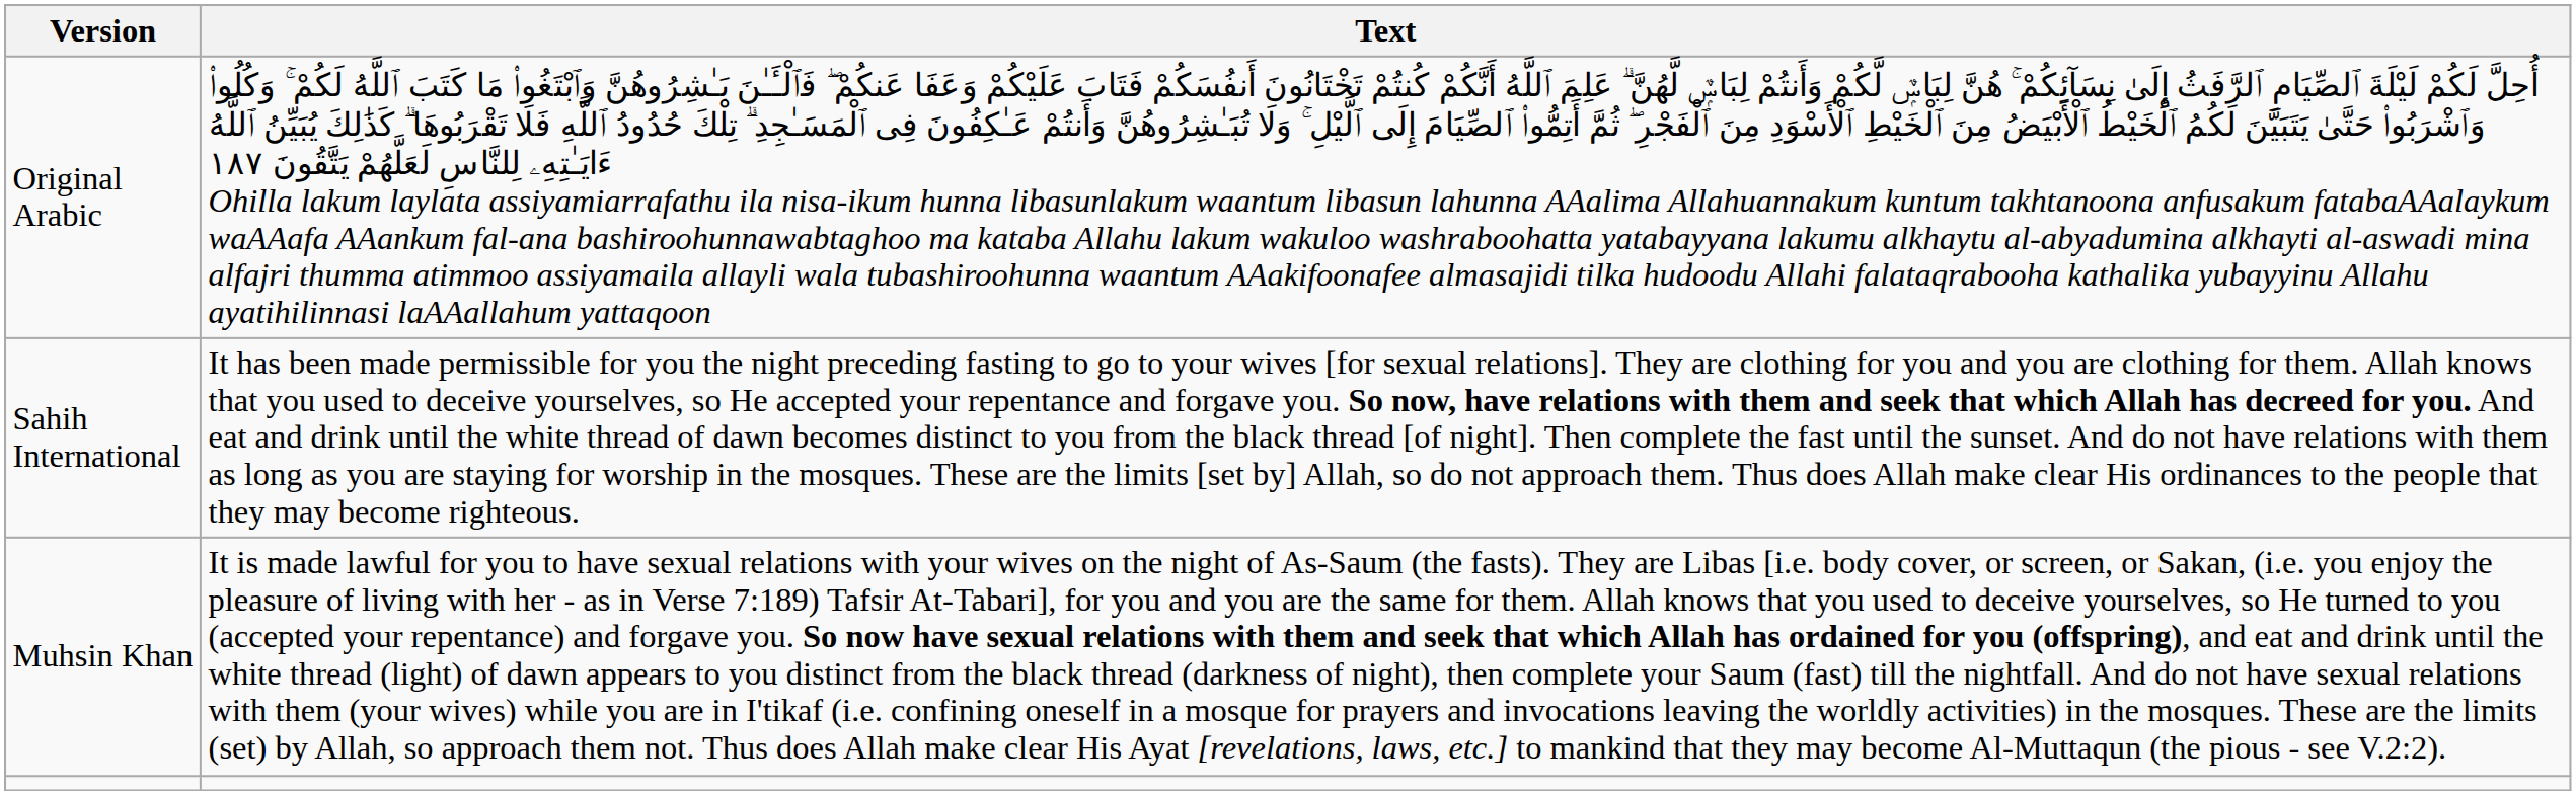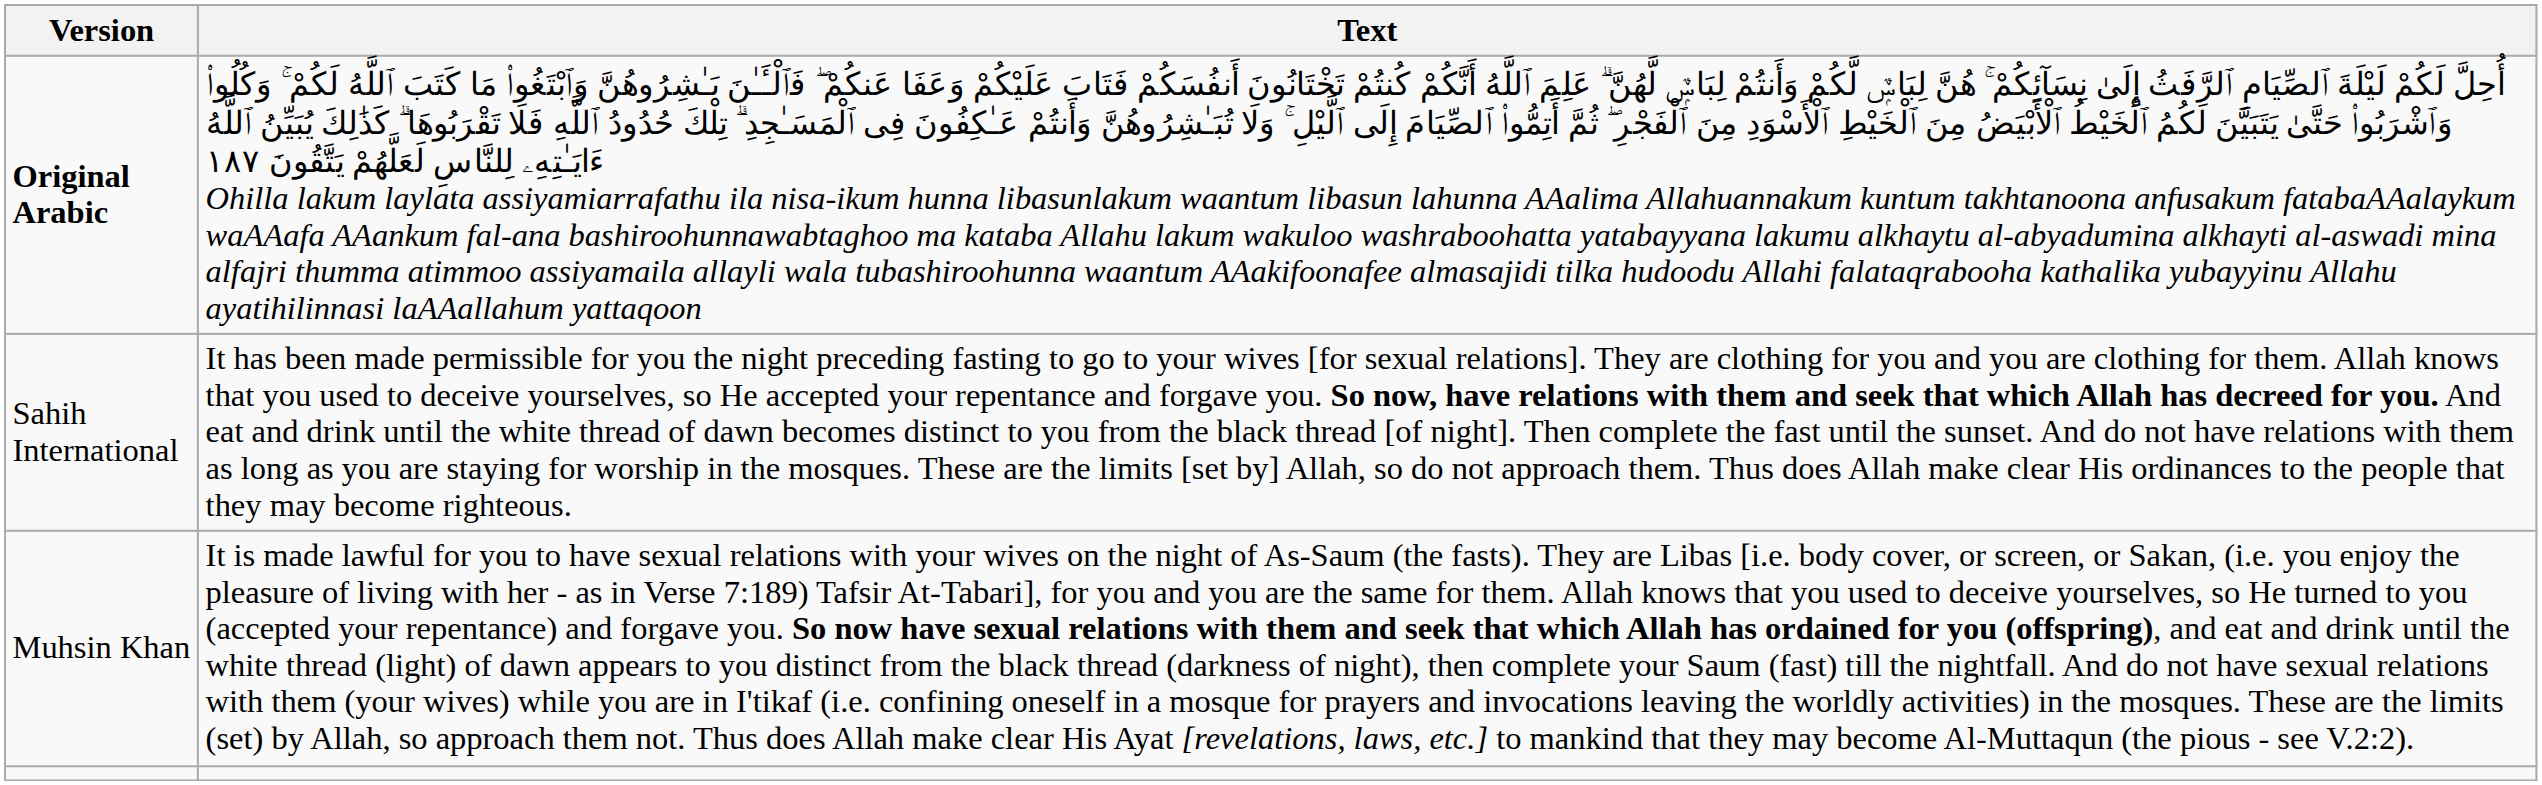 <table class="wikitable">
 <tr>
 <th>Version</th>
 <th>Text</th>
 </tr>
 <tr>
-<td>Original Arabic</td>
+<td><strong>Original Arabic</strong></td>
 <td>أُحِلَّ لَكُمْ لَيْلَةَ ٱلصِّيَامِ ٱلرَّفَثُ إِلَىٰ نِسَآئِكُمْ ۚ هُنَّ لِبَاسٌۭ لَّكُمْ وَأَنتُمْ لِبَاسٌۭ لَّهُنَّ ۗ عَلِمَ ٱللَّهُ أَنَّكُمْ كُنتُمْ تَخْتَانُونَ أَنفُسَكُمْ فَتَابَ عَلَيْكُمْ وَعَفَا عَنكُمْ ۖ فَٱلْـَٔـٰنَ بَـٰشِرُوهُنَّ وَٱبْتَغُوا۟ مَا كَتَبَ ٱللَّهُ لَكُمْ ۚ وَكُلُوا۟ وَٱشْرَبُوا۟ حَتَّىٰ يَتَبَيَّنَ لَكُمُ ٱلْخَيْطُ ٱلْأَبْيَضُ مِنَ ٱلْخَيْطِ ٱلْأَسْوَدِ مِنَ ٱلْفَجْرِ ۖ ثُمَّ أَتِمُّوا۟ ٱلصِّيَامَ إِلَى ٱلَّيْلِ ۚ وَلَا تُبَـٰشِرُوهُنَّ وَأَنتُمْ عَـٰكِفُونَ فِى ٱلْمَسَـٰجِدِ ۗ تِلْكَ حُدُودُ ٱللَّهِ فَلَا تَقْرَبُوهَا ۗ كَذَٰلِكَ يُبَيِّنُ ٱللَّهُ ءَايَـٰتِهِۦ لِلنَّاسِ لَعَلَّهُمْ يَتَّقُونَ ١٨٧<br><em>Ohilla lakum laylata assiyamiarrafathu ila nisa-ikum hunna libasunlakum waantum libasun lahunna AAalima Allahuannakum kuntum takhtanoona anfusakum fatabaAAalaykum waAAafa AAankum fal-ana bashiroohunnawabtaghoo ma kataba Allahu lakum wakuloo washraboohatta yatabayyana lakumu alkhaytu al-abyadumina alkhayti al-aswadi mina alfajri thumma atimmoo assiyamaila allayli wala tubashiroohunna waantum AAakifoonafee almasajidi tilka hudoodu Allahi falataqrabooha kathalika yubayyinu Allahu ayatihilinnasi laAAallahum yattaqoon</em></td>
 </tr>
 <tr>
 <td>Sahih International</td>
 <td>It has been made permissible for you the night preceding fasting to go to your wives [for sexual relations]. They are clothing for you and you are clothing for them. Allah knows that you used to deceive yourselves, so He accepted your repentance and forgave you. <strong>So now, have relations with them and seek that which Allah has decreed for you.</strong> And eat and drink until the white thread of dawn becomes distinct to you from the black thread [of night]. Then complete the fast until the sunset. And do not have relations with them as long as you are staying for worship in the mosques. These are the limits [set by] Allah, so do not approach them. Thus does Allah make clear His ordinances to the people that they may become righteous.</td>
 </tr>
 <tr>
 <td>Muhsin Khan</td>
 <td>It is made lawful for you to have sexual relations with your wives on the night of As-Saum (the fasts). They are Libas [i.e. body cover, or screen, or Sakan, (i.e. you enjoy the pleasure of living with her - as in Verse 7:189) Tafsir At-Tabari], for you and you are the same for them. Allah knows that you used to deceive yourselves, so He turned to you (accepted your repentance) and forgave you. <strong>So now have sexual relations with them and seek that which Allah has ordained for you (offspring)</strong>, and eat and drink until the white thread (light) of dawn appears to you distinct from the black thread (darkness of night), then complete your Saum (fast) till the nightfall. And do not have sexual relations with them (your wives) while you are in I'tikaf (i.e. confining oneself in a mosque for prayers and invocations leaving the worldly activities) in the mosques. These are the limits (set) by Allah, so approach them not. Thus does Allah make clear His Ayat <em>[revelations, laws, etc.]</em> to mankind that they may become Al-Muttaqun (the pious - see V.2:2).</td>
 </tr>
 <tr>
 <td></td>
 </tr>
 </table>
